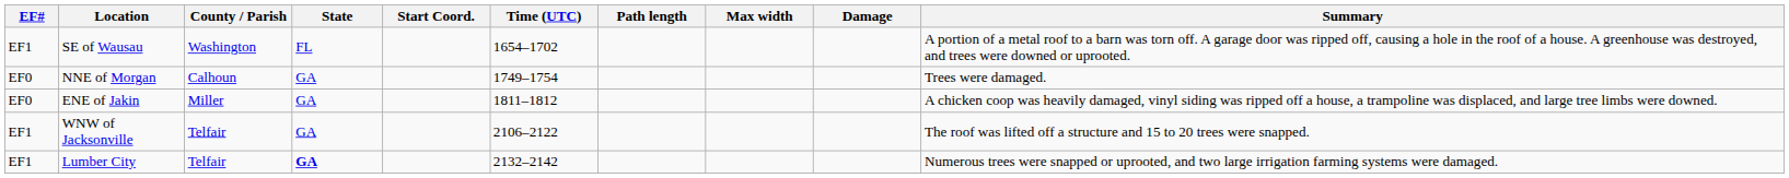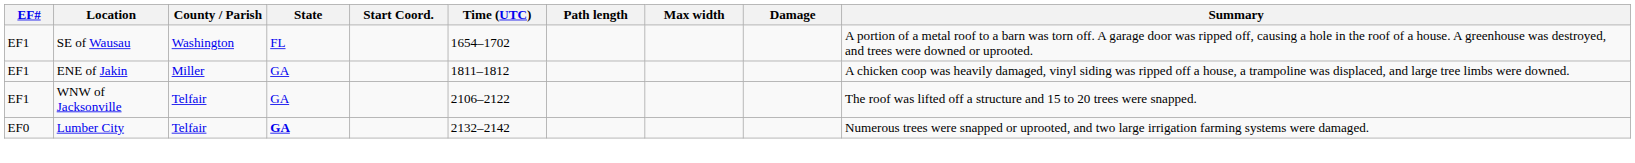 <table class="wikitable sortable" style="width:100%;">
 <tr>
 <th scope="col"  style="width:3%; text-align:center;"><a href='#'>EF#</a></th>
 <th scope="col"  style="width:7%; text-align:center;" class="unsortable">Location</th>
 <th scope="col"  style="width:6%; text-align:center;" class="unsortable">County / Parish</th>
 <th scope="col"  style="width:5%; text-align:center;">State</th>
 <th scope="col"  style="width:6%; text-align:center;">Start Coord.</th>
 <th scope="col"  style="width:6%; text-align:center;">Time (<a href='#'>UTC</a>)</th>
 <th scope="col"  style="width:6%; text-align:center;">Path length</th>
 <th scope="col"  style="width:6%; text-align:center;">Max width</th>
 <th scope="col"  style="width:6%; text-align:center;">Damage</th>
 <th scope="col" class="unsortable" style="width:48%; text-align:center;">Summary</th>
 </tr>
 <tr>
 <td>EF1</td>
 <td>SE of <a href='#'>Wausau</a></td>
 <td><a href='#'>Washington</a></td>
 <td><a href='#'>FL</a></td>
 <td></td>
 <td>1654–1702</td>
 <td></td>
 <td></td>
 <td></td>
 <td>A portion of a metal roof to a barn was torn off. A garage door was ripped off, causing a hole in the roof of a house. A greenhouse was destroyed, and trees were downed or uprooted.</td>
 </tr>
 <tr>
-<td>EF0</td>
-<td>NNE of <a href='#'>Morgan</a></td>
-<td><a href='#'>Calhoun</a></td>
-<td><a href='#'>GA</a></td>
-<td></td>
-<td>1749–1754</td>
-<td></td>
-<td></td>
-<td></td>
-<td>Trees were damaged.</td>
-</tr>
-<tr>
-<td>EF0</td>
+<td>EF1</td>
 <td>ENE of <a href='#'>Jakin</a></td>
 <td><a href='#'>Miller</a></td>
 <td><a href='#'>GA</a></td>
 <td></td>
 <td>1811–1812</td>
 <td></td>
 <td></td>
 <td></td>
 <td>A chicken coop was heavily damaged, vinyl siding was ripped off a house, a trampoline was displaced, and large tree limbs were downed.</td>
 </tr>
 <tr>
 <td>EF1</td>
 <td>WNW of <a href='#'>Jacksonville</a></td>
 <td><a href='#'>Telfair</a></td>
 <td><a href='#'>GA</a></td>
 <td></td>
 <td>2106–2122</td>
 <td></td>
 <td></td>
 <td></td>
 <td>The roof was lifted off a structure and 15 to 20 trees were snapped.</td>
 </tr>
 <tr>
-<td>EF1</td>
+<td>EF0</td>
 <td><a href='#'>Lumber City</a></td>
 <td><a href='#'>Telfair</a></td>
 <td><strong><a href='#'>GA</a></strong></td>
 <td></td>
 <td>2132–2142</td>
 <td></td>
 <td></td>
 <td></td>
 <td>Numerous trees were snapped or uprooted, and two large irrigation farming systems were damaged.</td>
 </tr>
 </table>
